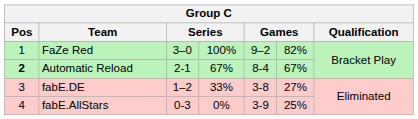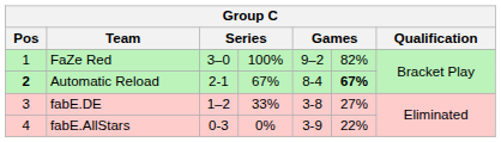 <table class="wikitable" style="display: inline-table;width: 45%;">
 <tr>
 <th colspan="7">Group C</th>
 </tr>
 <tr>
 <th>Pos</th>
 <th>Team</th>
 <th colspan="2">Series</th>
 <th colspan="2">Games</th>
 <th>Qualification</th>
 </tr>
 <tr>
 <td style="text-align:center; background:#BBF3BB;">1</td>
 <td style="text-align:left; background:#BBF3BB;">FaZe Red</td>
 <td style="text-align:center; background:#BBF3BB;">3–0</td>
 <td style="text-align:center; background:#BBF3BB;">100%</td>
 <td style="text-align:center; background:#BBF3BB;">9–2</td>
 <td style="text-align:center; background:#BBF3BB;">82%</td>
 <td style="text-align:center; background:#BBF3BB;" rowspan="2">Bracket Play</td>
 </tr>
 <tr>
 <td style="text-align:center; background:#BBF3BB;"><strong>2</strong></td>
 <td style="text-align:left; background:#BBF3BB;">Automatic Reload</td>
 <td style="text-align:center; background:#BBF3BB;">2-1</td>
 <td style="text-align:center; background:#BBF3BB;">67%</td>
 <td style="text-align:center; background:#BBF3BB;">8-4</td>
-<td style="text-align:center; background:#BBF3BB;">67%</td>
+<td style="text-align:center; background:#BBF3BB;"><strong>67%</strong></td>
 </tr>
 <tr>
 <td style="text-align:center; background:#FFCCCC;">3</td>
 <td style="text-align:left; background:#FFCCCC;">fabE.DE</td>
 <td style="text-align:center; background:#FFCCCC;">1–2</td>
 <td style="text-align:center; background:#FFCCCC;">33%</td>
 <td style="text-align:center; background:#FFCCCC;">3-8</td>
 <td style="text-align:center; background:#FFCCCC;">27%</td>
 <td style="text-align:center; background:#FFCCCC;" rowspan="2">Eliminated</td>
 </tr>
 <tr>
 <td style="text-align:center; background:#FFCCCC;">4</td>
 <td style="text-align:left; background:#FFCCCC;">fabE.AllStars</td>
 <td style="text-align:center; background:#FFCCCC;">0-3</td>
 <td style="text-align:center; background:#FFCCCC;">0%</td>
 <td style="text-align:center; background:#FFCCCC;">3-9</td>
-<td style="text-align:center; background:#FFCCCC;">25%</td>
+<td style="text-align:center; background:#FFCCCC;">22%</td>
 </tr>
 </table>
